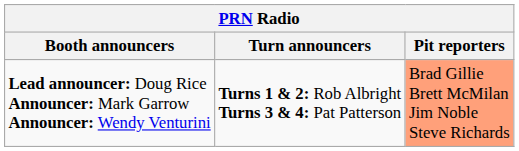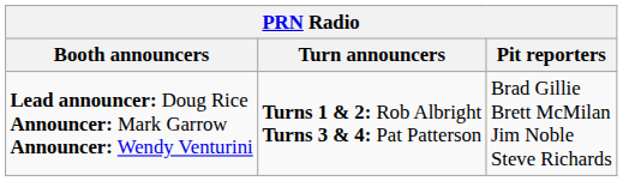 <table class="wikitable" style="font-size: 95%;">
 <tr>
 <th colspan="3"><a href='#'>PRN</a> Radio</th>
 </tr>
 <tr>
 <th>Booth announcers</th>
 <th>Turn announcers</th>
 <th>Pit reporters</th>
 </tr>
 <tr>
 <td><strong>Lead announcer:</strong> Doug Rice<br><strong>Announcer:</strong> Mark Garrow<br><strong>Announcer:</strong> <a href='#'>Wendy Venturini</a></td>
 <td><strong>Turns 1 & 2:</strong> Rob Albright<br><strong>Turns 3 & 4:</strong> Pat Patterson</td>
-<td style="background: lightsalmon;">Brad Gillie<br>Brett McMilan<br>Jim Noble<br>Steve Richards</td>
+<td>Brad Gillie<br>Brett McMilan<br>Jim Noble<br>Steve Richards</td>
 </tr>
 </table>
